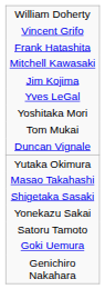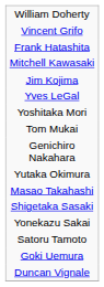 <table class="wikitable floatright" style="float:right; clear: right; text-align:center;" summary="This table lists the names of Canadians who are ranked 8th dan.  The names of those who are deceased are followed by a typographic dagger.">
 <tr>
 <td style="border-bottom: none;" width="132">William Doherty</td>
 </tr>
 <tr>
 <td style="border-top: none; border-bottom: none;"><a href='#'>Vincent Grifo</a></td>
 </tr>
 <tr>
 <td style="border-top: none; border-bottom: none;"><a href='#'>Frank Hatashita</a></td>
 </tr>
 <tr>
 <td style="border-top: none; border-bottom: none;"><a href='#'>Mitchell Kawasaki</a></td>
 </tr>
 <tr>
 <td style="border-top: none; border-bottom: none;"><a href='#'>Jim Kojima</a></td>
 </tr>
 <tr>
 <td style="border-top: none; border-bottom: none;"><a href='#'>Yves LeGal</a></td>
 </tr>
 <tr>
 <td style="border-top: none; border-bottom: none;">Yoshitaka Mori</td>
 </tr>
 <tr>
 <td style="border-top: none; border-bottom: none;">Tom Mukai</td>
 </tr>
 <tr>
-<td style="border-top: none;"><a href='#'>Duncan Vignale</a></td>
+<td style="border-top: none; border-bottom: none;">Genichiro Nakahara</td>
 </tr>
 <tr>
 <td style="border-top: none; border-bottom: none;">Yutaka Okimura</td>
 </tr>
 <tr>
 <td style="border-top: none; border-bottom: none;"><a href='#'>Masao Takahashi</a></td>
 </tr>
 <tr>
 <td style="border-top: none; border-bottom: none;"><a href='#'>Shigetaka Sasaki</a></td>
 </tr>
 <tr>
 <td style="border-top: none; border-bottom: none;">Yonekazu Sakai</td>
 </tr>
 <tr>
 <td style="border-top: none; border-bottom: none;">Satoru Tamoto</td>
 </tr>
 <tr>
 <td style="border-top: none; border-bottom: none;"><a href='#'>Goki Uemura</a></td>
 </tr>
 <tr>
-<td style="border-top: none; border-bottom: none;">Genichiro Nakahara</td>
+<td style="border-top: none;"><a href='#'>Duncan Vignale</a></td>
 </tr>
 <tr>
 </tr>
 </table>
